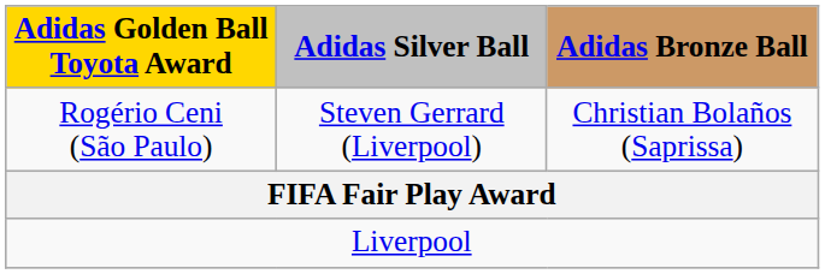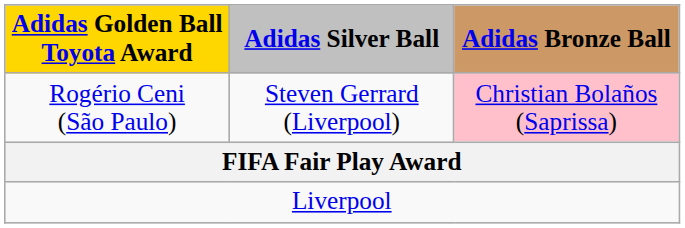 <table class="wikitable" style="text-align:center">
 <tr>
 <th style="background:gold; width:33%"><a href='#'>Adidas</a> Golden Ball<br><a href='#'>Toyota</a> Award</th>
 <th style="background:silver; width:33%"><a href='#'>Adidas</a> Silver Ball</th>
 <th style="background:#c96; width:33%;"><a href='#'>Adidas</a> Bronze Ball</th>
 </tr>
 <tr>
 <td> <a href='#'>Rogério Ceni</a><br>(<a href='#'>São Paulo</a>)</td>
 <td> <a href='#'>Steven Gerrard</a><br>(<a href='#'>Liverpool</a>)</td>
-<td> <a href='#'>Christian Bolaños</a><br>(<a href='#'>Saprissa</a>)</td>
+<td style="background: pink;"> <a href='#'>Christian Bolaños</a><br>(<a href='#'>Saprissa</a>)</td>
 </tr>
 <tr>
 <th colspan="3">FIFA Fair Play Award</th>
 </tr>
 <tr>
 <td colspan="3"> <a href='#'>Liverpool</a></td>
 </tr>
 </table>
